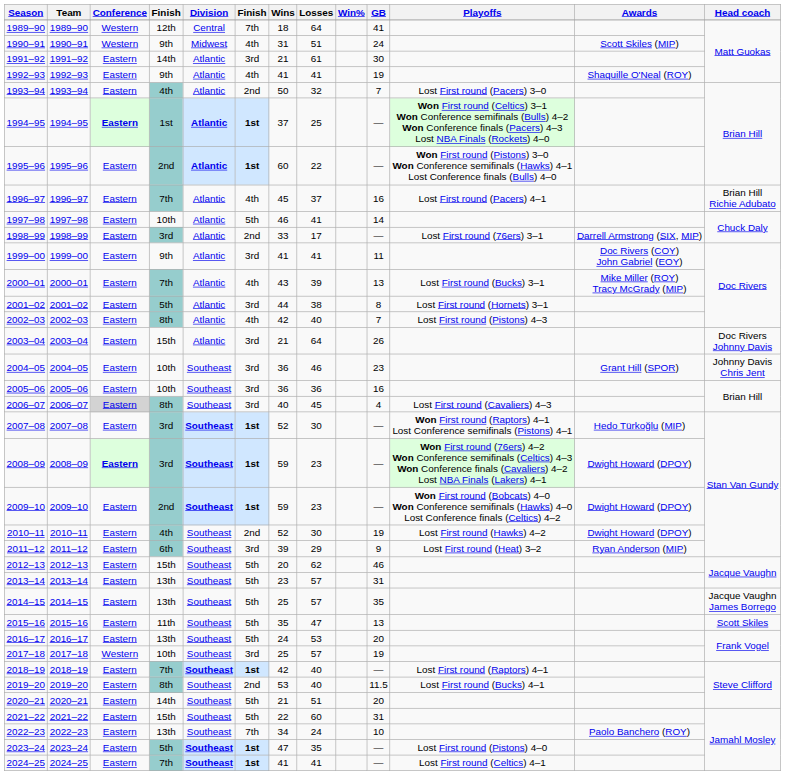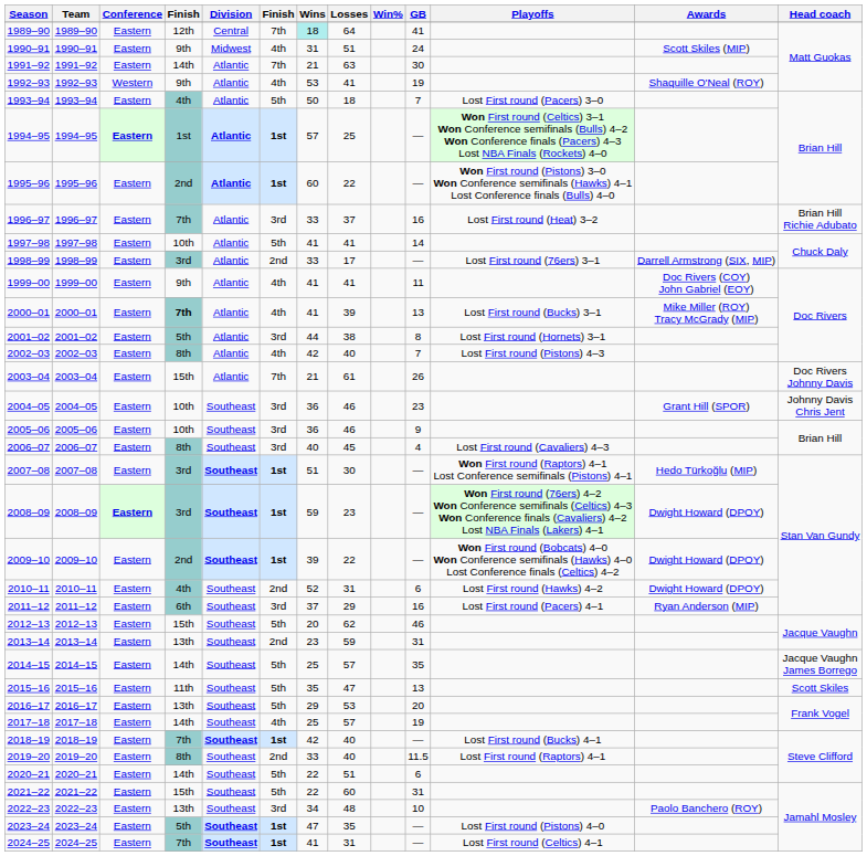 <table class="wikitable plainrowheaders" style="text-align:center; font-size:95%" summary="Season (sortable), Conference, Finish (sortable), Division, Finish (sortable), Wins (sortable), Losses (sortable), Win% (sortable), GB (sortable), Playoffs, Awards and Head coach">
 <tr>
 <th scope="col"><a href='#'>Season</a></th>
 <th scope="col">Team</th>
 <th scope="col" class="unsortable"><a href='#'>Conference</a></th>
 <th scope="col">Finish</th>
 <th scope="col" class="unsortable"><a href='#'>Division</a></th>
 <th scope="col">Finish</th>
 <th scope="col">Wins</th>
 <th scope="col">Losses</th>
 <th scope="col"><a href='#'>Win%</a></th>
 <th scope="col"><a href='#'>GB</a></th>
 <th scope="col" class="unsortable"><a href='#'>Playoffs</a></th>
 <th scope="col" class="unsortable"><a href='#'>Awards</a></th>
 <th scope="col"><a href='#'>Head coach</a></th>
 </tr>
 <tr>
 </tr>
 <tr>
 <td style="text-align:center;"><a href='#'>1989–90</a></td>
 <td style="text-align:center;"><a href='#'>1989–90</a></td>
-<td style="text-align:center;"><a href='#'>Western</a></td>
+<td style="text-align:center;"><a href='#'>Eastern</a></td>
 <td style="text-align:center;">12th</td>
 <td style="text-align:center;"><a href='#'>Central</a></td>
 <td style="text-align:center;">7th</td>
-<td style="text-align:center;">18</td>
+<td style="background: paleturquoise; text-align:center;">18</td>
 <td style="text-align:center;">64</td>
 <td style="text-align:center;"></td>
 <td>41</td>
 <td></td>
 <td></td>
 <td rowspan=4><a href='#'>Matt Guokas</a></td>
 </tr>
 <tr>
 <td style="text-align:center;"><a href='#'>1990–91</a></td>
 <td style="text-align:center;"><a href='#'>1990–91</a></td>
-<td style="text-align:center;"><a href='#'>Western</a></td>
+<td style="text-align:center;"><a href='#'>Eastern</a></td>
 <td style="text-align:center;">9th</td>
 <td style="text-align:center;"><a href='#'>Midwest</a></td>
 <td style="text-align:center;">4th</td>
 <td style="text-align:center;">31</td>
 <td style="text-align:center;">51</td>
 <td style="text-align:center;"></td>
 <td>24</td>
 <td></td>
 <td style="text-align:center;"><a href='#'>Scott Skiles</a> (<a href='#'>MIP</a>)</td>
 </tr>
 <tr>
 <td style="text-align:center;"><a href='#'>1991–92</a></td>
 <td style="text-align:center;"><a href='#'>1991–92</a></td>
 <td style="text-align:center;"><a href='#'>Eastern</a></td>
 <td style="text-align:center;">14th</td>
 <td style="text-align:center;"><a href='#'>Atlantic</a></td>
-<td style="text-align:center;">3rd</td>
+<td style="text-align:center;">7th</td>
 <td style="text-align:center;">21</td>
-<td style="text-align:center;">61</td>
+<td style="text-align:center;">63</td>
 <td style="text-align:center;"></td>
 <td>30</td>
 <td></td>
 <td></td>
 </tr>
 <tr>
 <td style="text-align:center;"><a href='#'>1992–93</a></td>
 <td style="text-align:center;"><a href='#'>1992–93</a></td>
-<td style="text-align:center;"><a href='#'>Eastern</a></td>
+<td style="text-align:center;"><a href='#'>Western</a></td>
 <td style="text-align:center;">9th</td>
 <td style="text-align:center;"><a href='#'>Atlantic</a></td>
 <td style="text-align:center;">4th</td>
-<td style="text-align:center;">41</td>
+<td style="text-align:center;">53</td>
 <td style="text-align:center;">41</td>
 <td style="text-align:center;"></td>
 <td>19</td>
 <td></td>
 <td style="text-align:center;"><a href='#'>Shaquille O'Neal</a> (<a href='#'>ROY</a>)</td>
 </tr>
 <tr>
 <td style="text-align:center;"><a href='#'>1993–94</a></td>
 <td style="text-align:center;"><a href='#'>1993–94</a></td>
 <td style="text-align:center;"><a href='#'>Eastern</a></td>
 <td style="text-align:center;" bgcolor="#96CDCD">4th</td>
 <td style="text-align:center;"><a href='#'>Atlantic</a></td>
-<td style="text-align:center;">2nd</td>
+<td style="text-align:center;">5th</td>
 <td style="text-align:center;">50</td>
-<td style="text-align:center;">32</td>
+<td style="text-align:center;">18</td>
 <td style="text-align:center;"></td>
 <td>7</td>
 <td>Lost <a href='#'>First round</a> (<a href='#'>Pacers</a>) 3–0</td>
 <td></td>
 <td rowspan=3><a href='#'>Brian Hill</a></td>
 </tr>
 <tr>
 <td style="text-align:center;"><a href='#'>1994–95</a></td>
 <td style="text-align:center;"><a href='#'>1994–95</a></td>
 <td style="text-align:center;" bgcolor="#DDFFDD"><strong><a href='#'>Eastern</a></strong></td>
 <td style="text-align:center;" bgcolor="#96CDCD">1st</td>
 <td style="text-align:center;" bgcolor="#D0E7FF"><strong><a href='#'>Atlantic</a></strong></td>
 <td style="text-align:center;" bgcolor="#D0E7FF"><strong>1st</strong></td>
-<td style="text-align:center;">37</td>
+<td style="text-align:center;">57</td>
 <td style="text-align:center;">25</td>
 <td style="text-align:center;"></td>
 <td>—</td>
 <td bgcolor="#DDFFDD"><strong>Won</strong> <a href='#'>First round</a> (<a href='#'>Celtics</a>) 3–1<br> <strong>Won</strong> Conference semifinals (<a href='#'>Bulls</a>) 4–2<br> <strong>Won</strong> Conference finals (<a href='#'>Pacers</a>) 4–3<br> Lost <a href='#'>NBA Finals</a> (<a href='#'>Rockets</a>) 4–0</td>
 <td></td>
 </tr>
 <tr>
 <td style="text-align:center;"><a href='#'>1995–96</a></td>
 <td style="text-align:center;"><a href='#'>1995–96</a></td>
 <td style="text-align:center;"><a href='#'>Eastern</a></td>
 <td style="text-align:center;" bgcolor="#96CDCD">2nd</td>
 <td style="text-align:center;" bgcolor="#D0E7FF"><strong><a href='#'>Atlantic</a></strong></td>
 <td style="text-align:center;" bgcolor="#D0E7FF"><strong>1st</strong></td>
 <td style="text-align:center;">60</td>
 <td style="text-align:center;">22</td>
 <td style="text-align:center;"></td>
 <td>—</td>
 <td><strong>Won</strong> <a href='#'>First round</a> (<a href='#'>Pistons</a>) 3–0<br> <strong>Won</strong> Conference semifinals (<a href='#'>Hawks</a>) 4–1<br> Lost Conference finals (<a href='#'>Bulls</a>) 4–0</td>
 <td></td>
 </tr>
 <tr>
 <td style="text-align:center;"><a href='#'>1996–97</a></td>
 <td style="text-align:center;"><a href='#'>1996–97</a></td>
 <td style="text-align:center;"><a href='#'>Eastern</a></td>
 <td style="text-align:center;" bgcolor="#96CDCD">7th</td>
 <td style="text-align:center;"><a href='#'>Atlantic</a></td>
-<td style="text-align:center;">4th</td>
-<td style="text-align:center;">45</td>
+<td style="text-align:center;">3rd</td>
+<td style="text-align:center;">33</td>
 <td style="text-align:center;">37</td>
 <td style="text-align:center;"></td>
 <td>16</td>
-<td>Lost <a href='#'>First round</a> (<a href='#'>Pacers</a>) 4–1</td>
+<td>Lost <a href='#'>First round</a> (<a href='#'>Heat</a>) 3–2</td>
 <td></td>
 <td>Brian Hill <br> <a href='#'>Richie Adubato</a></td>
 </tr>
 <tr>
 <td style="text-align:center;"><a href='#'>1997–98</a></td>
 <td style="text-align:center;"><a href='#'>1997–98</a></td>
 <td style="text-align:center;"><a href='#'>Eastern</a></td>
 <td style="text-align:center;">10th</td>
 <td style="text-align:center;"><a href='#'>Atlantic</a></td>
 <td style="text-align:center;">5th</td>
-<td style="text-align:center;">46</td>
+<td style="text-align:center;">41</td>
 <td style="text-align:center;">41</td>
 <td style="text-align:center;"></td>
 <td>14</td>
 <td></td>
 <td></td>
 <td rowspan=2><a href='#'>Chuck Daly</a></td>
 </tr>
 <tr>
 <td style="text-align:center;"><a href='#'>1998–99</a></td>
 <td style="text-align:center;"><a href='#'>1998–99</a></td>
 <td style="text-align:center;"><a href='#'>Eastern</a></td>
 <td style="text-align:center;" bgcolor="#96CDCD">3rd</td>
 <td style="text-align:center;"><a href='#'>Atlantic</a></td>
 <td style="text-align:center;">2nd</td>
 <td style="text-align:center;">33</td>
 <td style="text-align:center;">17</td>
 <td style="text-align:center;"></td>
 <td>—</td>
 <td>Lost <a href='#'>First round</a> (<a href='#'>76ers</a>) 3–1</td>
 <td style="text-align:center;"><a href='#'>Darrell Armstrong</a> (<a href='#'>SIX</a>, <a href='#'>MIP</a>)</td>
 </tr>
 <tr>
 <td style="text-align:center;"><a href='#'>1999–00</a></td>
 <td style="text-align:center;"><a href='#'>1999–00</a></td>
 <td style="text-align:center;"><a href='#'>Eastern</a></td>
 <td style="text-align:center;">9th</td>
 <td style="text-align:center;"><a href='#'>Atlantic</a></td>
-<td style="text-align:center;">3rd</td>
+<td style="text-align:center;">4th</td>
 <td style="text-align:center;">41</td>
 <td style="text-align:center;">41</td>
 <td style="text-align:center;"></td>
 <td>11</td>
 <td></td>
 <td style="text-align:center;"><a href='#'>Doc Rivers</a> (<a href='#'>COY</a>) <br> <a href='#'>John Gabriel</a> (<a href='#'>EOY</a>)</td>
 <td rowspan=4><a href='#'>Doc Rivers</a></td>
 </tr>
 <tr>
 <td style="text-align:center;"><a href='#'>2000–01</a></td>
 <td style="text-align:center;"><a href='#'>2000–01</a></td>
 <td style="text-align:center;"><a href='#'>Eastern</a></td>
-<td style="text-align:center;" bgcolor="#96CDCD">7th</td>
+<td style="text-align:center;" bgcolor="#96CDCD"><strong>7th</strong></td>
 <td style="text-align:center;"><a href='#'>Atlantic</a></td>
 <td style="text-align:center;">4th</td>
-<td style="text-align:center;">43</td>
+<td style="text-align:center;">41</td>
 <td style="text-align:center;">39</td>
 <td style="text-align:center;"></td>
 <td>13</td>
 <td>Lost <a href='#'>First round</a> (<a href='#'>Bucks</a>) 3–1</td>
 <td style="text-align:center;"><a href='#'>Mike Miller</a> (<a href='#'>ROY</a>) <br> <a href='#'>Tracy McGrady</a> (<a href='#'>MIP</a>)</td>
 </tr>
 <tr>
 <td style="text-align:center;"><a href='#'>2001–02</a></td>
 <td style="text-align:center;"><a href='#'>2001–02</a></td>
 <td style="text-align:center;"><a href='#'>Eastern</a></td>
 <td style="text-align:center;" bgcolor="#96CDCD">5th</td>
 <td style="text-align:center;"><a href='#'>Atlantic</a></td>
 <td style="text-align:center;">3rd</td>
 <td style="text-align:center;">44</td>
 <td style="text-align:center;">38</td>
 <td style="text-align:center;"></td>
 <td>8</td>
 <td>Lost <a href='#'>First round</a> (<a href='#'>Hornets</a>) 3–1</td>
 <td></td>
 </tr>
 <tr>
 <td style="text-align:center;"><a href='#'>2002–03</a></td>
 <td style="text-align:center;"><a href='#'>2002–03</a></td>
 <td style="text-align:center;"><a href='#'>Eastern</a></td>
 <td style="text-align:center;" bgcolor="#96CDCD">8th</td>
 <td style="text-align:center;"><a href='#'>Atlantic</a></td>
 <td style="text-align:center;">4th</td>
 <td style="text-align:center;">42</td>
 <td style="text-align:center;">40</td>
 <td style="text-align:center;"></td>
 <td>7</td>
 <td>Lost <a href='#'>First round</a> (<a href='#'>Pistons</a>) 4–3</td>
 <td></td>
 </tr>
 <tr>
 <td style="text-align:center;"><a href='#'>2003–04</a></td>
 <td style="text-align:center;"><a href='#'>2003–04</a></td>
 <td style="text-align:center;"><a href='#'>Eastern</a></td>
 <td style="text-align:center;">15th</td>
 <td style="text-align:center;"><a href='#'>Atlantic</a></td>
-<td style="text-align:center;">3rd</td>
+<td style="text-align:center;">7th</td>
 <td style="text-align:center;">21</td>
-<td style="text-align:center;">64</td>
+<td style="text-align:center;">61</td>
 <td style="text-align:center;"></td>
 <td>26</td>
 <td></td>
 <td></td>
 <td>Doc Rivers <br> <a href='#'>Johnny Davis</a></td>
 </tr>
 <tr>
 <td style="text-align:center;"><a href='#'>2004–05</a></td>
 <td style="text-align:center;"><a href='#'>2004–05</a></td>
 <td style="text-align:center;"><a href='#'>Eastern</a></td>
 <td style="text-align:center;">10th</td>
 <td style="text-align:center;"><a href='#'>Southeast</a></td>
 <td style="text-align:center;">3rd</td>
 <td style="text-align:center;">36</td>
 <td style="text-align:center;">46</td>
 <td style="text-align:center;"></td>
 <td>23</td>
 <td></td>
 <td style="text-align:center;"><a href='#'>Grant Hill</a> (<a href='#'>SPOR</a>)</td>
 <td>Johnny Davis <br> <a href='#'>Chris Jent</a></td>
 </tr>
 <tr>
 <td style="text-align:center;"><a href='#'>2005–06</a></td>
 <td style="text-align:center;"><a href='#'>2005–06</a></td>
 <td style="text-align:center;"><a href='#'>Eastern</a></td>
 <td style="text-align:center;">10th</td>
 <td style="text-align:center;"><a href='#'>Southeast</a></td>
 <td style="text-align:center;">3rd</td>
 <td style="text-align:center;">36</td>
-<td style="text-align:center;">36</td>
+<td style="text-align:center;">46</td>
 <td style="text-align:center;"></td>
-<td>16</td>
+<td>9</td>
 <td></td>
 <td></td>
 <td rowspan=2>Brian Hill</td>
 </tr>
 <tr>
 <td style="text-align:center;"><a href='#'>2006–07</a></td>
 <td style="text-align:center;"><a href='#'>2006–07</a></td>
-<td style="background: lightgrey; text-align:center;"><a href='#'>Eastern</a></td>
+<td style="text-align:center;"><a href='#'>Eastern</a></td>
 <td style="text-align:center;" bgcolor="#96CDCD">8th</td>
 <td style="text-align:center;"><a href='#'>Southeast</a></td>
 <td style="text-align:center;">3rd</td>
 <td style="text-align:center;">40</td>
 <td style="text-align:center;">45</td>
 <td style="text-align:center;"></td>
 <td>4</td>
 <td>Lost <a href='#'>First round</a> (<a href='#'>Cavaliers</a>) 4–3</td>
 <td></td>
 </tr>
 <tr>
 <td style="text-align:center;"><a href='#'>2007–08</a></td>
 <td style="text-align:center;"><a href='#'>2007–08</a></td>
 <td style="text-align:center;"><a href='#'>Eastern</a></td>
 <td style="text-align:center;" bgcolor="#96CDCD">3rd</td>
 <td style="text-align:center;" bgcolor="#D0E7FF"><strong><a href='#'>Southeast</a></strong></td>
 <td style="text-align:center;" bgcolor="#D0E7FF"><strong>1st</strong></td>
-<td style="text-align:center;">52</td>
+<td style="text-align:center;">51</td>
 <td style="text-align:center;">30</td>
 <td style="text-align:center;"></td>
 <td>—</td>
 <td><strong>Won</strong> <a href='#'>First round</a> (<a href='#'>Raptors</a>) 4–1<br> Lost Conference semifinals (<a href='#'>Pistons</a>) 4–1</td>
 <td style="text-align:center;"><a href='#'>Hedo Türkoğlu</a> (<a href='#'>MIP</a>)</td>
 <td rowspan=5><a href='#'>Stan Van Gundy</a></td>
 </tr>
 <tr>
 <td style="text-align:center;"><a href='#'>2008–09</a></td>
 <td style="text-align:center;"><a href='#'>2008–09</a></td>
 <td style="text-align:center;" bgcolor="#DDFFDD"><strong><a href='#'>Eastern</a></strong></td>
 <td style="text-align:center;" bgcolor="#96CDCD">3rd</td>
 <td style="text-align:center;" bgcolor="#D0E7FF"><strong><a href='#'>Southeast</a></strong></td>
 <td style="text-align:center;" bgcolor="#D0E7FF"><strong>1st</strong></td>
 <td style="text-align:center;">59</td>
 <td style="text-align:center;">23</td>
 <td style="text-align:center;"></td>
 <td>—</td>
 <td bgcolor="#DDFFDD"><strong>Won</strong> <a href='#'>First round</a> (<a href='#'>76ers</a>) 4–2<br> <strong>Won</strong> Conference semifinals (<a href='#'>Celtics</a>) 4–3<br> <strong>Won</strong> Conference finals (<a href='#'>Cavaliers</a>) 4–2<br> Lost <a href='#'>NBA Finals</a> (<a href='#'>Lakers</a>) 4–1</td>
 <td style="text-align:center;"><a href='#'>Dwight Howard</a> (<a href='#'>DPOY</a>)</td>
 </tr>
 <tr>
 <td style="text-align:center;"><a href='#'>2009–10</a></td>
 <td style="text-align:center;"><a href='#'>2009–10</a></td>
 <td style="text-align:center;"><a href='#'>Eastern</a></td>
 <td style="text-align:center;" bgcolor="#96CDCD">2nd</td>
 <td style="text-align:center;" bgcolor="#D0E7FF"><strong><a href='#'>Southeast</a></strong></td>
 <td style="text-align:center;" bgcolor="#D0E7FF"><strong>1st</strong></td>
-<td style="text-align:center;">59</td>
-<td style="text-align:center;">23</td>
+<td style="text-align:center;">39</td>
+<td style="text-align:center;">22</td>
 <td style="text-align:center;"></td>
 <td>—</td>
 <td><strong>Won</strong> <a href='#'>First round</a> (<a href='#'>Bobcats</a>) 4–0<br> <strong>Won</strong> Conference semifinals (<a href='#'>Hawks</a>) 4–0<br> Lost Conference finals (<a href='#'>Celtics</a>) 4–2</td>
 <td style="text-align:center;"><a href='#'>Dwight Howard</a> (<a href='#'>DPOY</a>)</td>
 </tr>
 <tr>
 <td style="text-align:center;"><a href='#'>2010–11</a></td>
 <td style="text-align:center;"><a href='#'>2010–11</a></td>
 <td style="text-align:center;"><a href='#'>Eastern</a></td>
 <td style="text-align:center;" bgcolor="#96CDCD">4th</td>
 <td style="text-align:center;"><a href='#'>Southeast</a></td>
 <td style="text-align:center;">2nd</td>
 <td style="text-align:center;">52</td>
-<td style="text-align:center;">30</td>
+<td style="text-align:center;">31</td>
 <td style="text-align:center;"></td>
-<td>19</td>
+<td>6</td>
 <td>Lost <a href='#'>First round</a> (<a href='#'>Hawks</a>) 4–2</td>
 <td style="text-align:center;"><a href='#'>Dwight Howard</a> (<a href='#'>DPOY</a>)</td>
 </tr>
 <tr>
 <td style="text-align:center;"><a href='#'>2011–12</a></td>
 <td style="text-align:center;"><a href='#'>2011–12</a></td>
 <td style="text-align:center;"><a href='#'>Eastern</a></td>
 <td style="text-align:center;" bgcolor="#96CDCD">6th</td>
 <td style="text-align:center;"><a href='#'>Southeast</a></td>
 <td style="text-align:center;">3rd</td>
-<td style="text-align:center;">39</td>
+<td style="text-align:center;">37</td>
 <td style="text-align:center;">29</td>
 <td style="text-align:center;"></td>
-<td>9</td>
-<td>Lost <a href='#'>First round</a> (<a href='#'>Heat</a>) 3–2</td>
+<td>16</td>
+<td>Lost <a href='#'>First round</a> (<a href='#'>Pacers</a>) 4–1</td>
 <td style="text-align:center;"><a href='#'>Ryan Anderson</a> (<a href='#'>MIP</a>)</td>
 </tr>
 <tr>
 <td style="text-align:center;"><a href='#'>2012–13</a></td>
 <td style="text-align:center;"><a href='#'>2012–13</a></td>
 <td style="text-align:center;"><a href='#'>Eastern</a></td>
 <td style="text-align:center;">15th</td>
 <td style="text-align:center;"><a href='#'>Southeast</a></td>
 <td style="text-align:center;">5th</td>
 <td style="text-align:center;">20</td>
 <td style="text-align:center;">62</td>
 <td style="text-align:center;"></td>
 <td>46</td>
 <td></td>
 <td></td>
 <td rowspan=2><a href='#'>Jacque Vaughn</a></td>
 </tr>
 <tr>
 <td style="text-align:center;"><a href='#'>2013–14</a></td>
 <td style="text-align:center;"><a href='#'>2013–14</a></td>
 <td style="text-align:center;"><a href='#'>Eastern</a></td>
 <td style="text-align:center;">13th</td>
 <td style="text-align:center;"><a href='#'>Southeast</a></td>
-<td style="text-align:center;">5th</td>
+<td style="text-align:center;">2nd</td>
 <td style="text-align:center;">23</td>
-<td style="text-align:center;">57</td>
+<td style="text-align:center;">59</td>
 <td style="text-align:center;"></td>
 <td>31</td>
 <td></td>
 <td></td>
 </tr>
 <tr>
 <td style="text-align:center;"><a href='#'>2014–15</a></td>
 <td style="text-align:center;"><a href='#'>2014–15</a></td>
 <td style="text-align:center;"><a href='#'>Eastern</a></td>
-<td style="text-align:center;">13th</td>
+<td style="text-align:center;">14th</td>
 <td style="text-align:center;"><a href='#'>Southeast</a></td>
 <td style="text-align:center;">5th</td>
 <td style="text-align:center;">25</td>
 <td style="text-align:center;">57</td>
 <td style="text-align:center;"></td>
 <td>35</td>
 <td></td>
 <td></td>
 <td>Jacque Vaughn<br><a href='#'>James Borrego</a></td>
 </tr>
 <tr>
 <td style="text-align:center;"><a href='#'>2015–16</a></td>
 <td style="text-align:center;"><a href='#'>2015–16</a></td>
 <td style="text-align:center;"><a href='#'>Eastern</a></td>
 <td style="text-align:center;">11th</td>
 <td style="text-align:center;"><a href='#'>Southeast</a></td>
 <td style="text-align:center;">5th</td>
 <td style="text-align:center;">35</td>
 <td style="text-align:center;">47</td>
 <td style="text-align:center;"></td>
 <td>13</td>
 <td></td>
 <td></td>
 <td><a href='#'>Scott Skiles</a></td>
 </tr>
 <tr>
 <td style="text-align:center;"><a href='#'>2016–17</a></td>
 <td style="text-align:center;"><a href='#'>2016–17</a></td>
 <td style="text-align:center;"><a href='#'>Eastern</a></td>
 <td style="text-align:center;">13th</td>
 <td style="text-align:center;"><a href='#'>Southeast</a></td>
 <td style="text-align:center;">5th</td>
-<td style="text-align:center;">24</td>
+<td style="text-align:center;">29</td>
 <td style="text-align:center;">53</td>
 <td style="text-align:center;"></td>
 <td>20</td>
 <td></td>
 <td></td>
 <td rowspan=2><a href='#'>Frank Vogel</a></td>
 </tr>
 <tr>
 <td style="text-align:center;"><a href='#'>2017–18</a></td>
 <td style="text-align:center;"><a href='#'>2017–18</a></td>
-<td style="text-align:center;"><a href='#'>Western</a></td>
-<td style="text-align:center;">10th</td>
+<td style="text-align:center;"><a href='#'>Eastern</a></td>
+<td style="text-align:center;">14th</td>
 <td style="text-align:center;"><a href='#'>Southeast</a></td>
-<td style="text-align:center;">3rd</td>
+<td style="text-align:center;">4th</td>
 <td style="text-align:center;">25</td>
 <td style="text-align:center;">57</td>
 <td style="text-align:center;"></td>
 <td>19</td>
 <td></td>
 <td></td>
 </tr>
 <tr>
 <td style="text-align:center;"><a href='#'>2018–19</a></td>
 <td style="text-align:center;"><a href='#'>2018–19</a></td>
 <td style="text-align:center;"><a href='#'>Eastern</a></td>
 <td style="text-align:center;" bgcolor="#96CDCD">7th</td>
 <td style="text-align:center;" bgcolor="#D0E7FF"><strong><a href='#'>Southeast</a></strong></td>
 <td style="text-align:center;" bgcolor="#D0E7FF"><strong>1st</strong></td>
 <td style="text-align:center;">42</td>
 <td style="text-align:center;">40</td>
 <td style="text-align:center;"></td>
 <td>—</td>
-<td>Lost <a href='#'>First round</a> (<a href='#'>Raptors</a>) 4–1</td>
+<td>Lost <a href='#'>First round</a> (<a href='#'>Bucks</a>) 4–1</td>
 <td></td>
 <td rowspan=3><a href='#'>Steve Clifford</a></td>
 </tr>
 <tr>
 <td style="text-align:center;"><a href='#'>2019–20</a></td>
 <td style="text-align:center;"><a href='#'>2019–20</a></td>
 <td style="text-align:center;"><a href='#'>Eastern</a></td>
 <td style="text-align:center;" bgcolor="#96CDCD">8th</td>
 <td style="text-align:center;"><a href='#'>Southeast</a></td>
 <td style="text-align:center;">2nd</td>
-<td style="text-align:center;">53</td>
+<td style="text-align:center;">33</td>
 <td style="text-align:center;">40</td>
 <td style="text-align:center;"></td>
 <td>11.5</td>
-<td>Lost <a href='#'>First round</a> (<a href='#'>Bucks</a>) 4–1</td>
+<td>Lost <a href='#'>First round</a> (<a href='#'>Raptors</a>) 4–1</td>
 <td></td>
 </tr>
 <tr>
 <td style="text-align:center;"><a href='#'>2020–21</a></td>
 <td style="text-align:center;"><a href='#'>2020–21</a></td>
 <td style="text-align:center;"><a href='#'>Eastern</a></td>
 <td style="text-align:center;">14th</td>
 <td style="text-align:center;"><a href='#'>Southeast</a></td>
 <td style="text-align:center;">5th</td>
-<td style="text-align:center;">21</td>
+<td style="text-align:center;">22</td>
 <td style="text-align:center;">51</td>
 <td style="text-align:center;"></td>
-<td>20</td>
+<td>6</td>
 <td></td>
 <td></td>
 </tr>
 <tr>
 <td style="text-align:center;"><a href='#'>2021–22</a></td>
 <td style="text-align:center;"><a href='#'>2021–22</a></td>
 <td style="text-align:center;"><a href='#'>Eastern</a></td>
 <td style="text-align:center;">15th</td>
 <td style="text-align:center;"><a href='#'>Southeast</a></td>
 <td style="text-align:center;">5th</td>
 <td style="text-align:center;">22</td>
 <td style="text-align:center;">60</td>
 <td style="text-align:center;"></td>
 <td>31</td>
 <td></td>
 <td></td>
 <td rowspan=4><a href='#'>Jamahl Mosley</a></td>
 </tr>
 <tr>
 <td style="text-align:center;"><a href='#'>2022–23</a></td>
 <td style="text-align:center;"><a href='#'>2022–23</a></td>
 <td style="text-align:center;"><a href='#'>Eastern</a></td>
 <td style="text-align:center;">13th</td>
 <td style="text-align:center;"><a href='#'>Southeast</a></td>
-<td style="text-align:center;">7th</td>
+<td style="text-align:center;">3rd</td>
 <td style="text-align:center;">34</td>
-<td style="text-align:center;">24</td>
+<td style="text-align:center;">48</td>
 <td style="text-align:center;"></td>
 <td>10</td>
 <td></td>
 <td style="text-align:center;"><a href='#'>Paolo Banchero</a> (<a href='#'>ROY</a>)</td>
 </tr>
 <tr>
 <td style="text-align:center;"><a href='#'>2023–24</a></td>
 <td style="text-align:center;"><a href='#'>2023–24</a></td>
 <td style="text-align:center;"><a href='#'>Eastern</a></td>
 <td style="text-align:center;" bgcolor="#96CDCD">5th</td>
 <td style="text-align:center;" bgcolor="#D0E7FF"><strong><a href='#'>Southeast</a></strong></td>
 <td style="text-align:center;" bgcolor="#D0E7FF"><strong>1st</strong></td>
 <td style="text-align:center;">47</td>
 <td style="text-align:center;">35</td>
 <td style="text-align:center;"></td>
 <td>—</td>
 <td>Lost <a href='#'>First round</a> (<a href='#'>Pistons</a>) 4–0</td>
 <td></td>
 </tr>
 <tr>
 <td style="text-align:center;"><a href='#'>2024–25</a></td>
 <td style="text-align:center;"><a href='#'>2024–25</a></td>
 <td style="text-align:center;"><a href='#'>Eastern</a></td>
 <td style="text-align:center;" bgcolor="#96CDCD">7th</td>
 <td style="text-align:center;" bgcolor="#D0E7FF"><strong><a href='#'>Southeast</a></strong></td>
 <td style="text-align:center;" bgcolor="#D0E7FF"><strong>1st</strong></td>
 <td style="text-align:center;">41</td>
-<td style="text-align:center;">41</td>
+<td style="text-align:center;">31</td>
 <td style="text-align:center;"></td>
 <td>—</td>
 <td>Lost <a href='#'>First round</a> (<a href='#'>Celtics</a>) 4–1</td>
 <td></td>
 </tr>
 </table>
